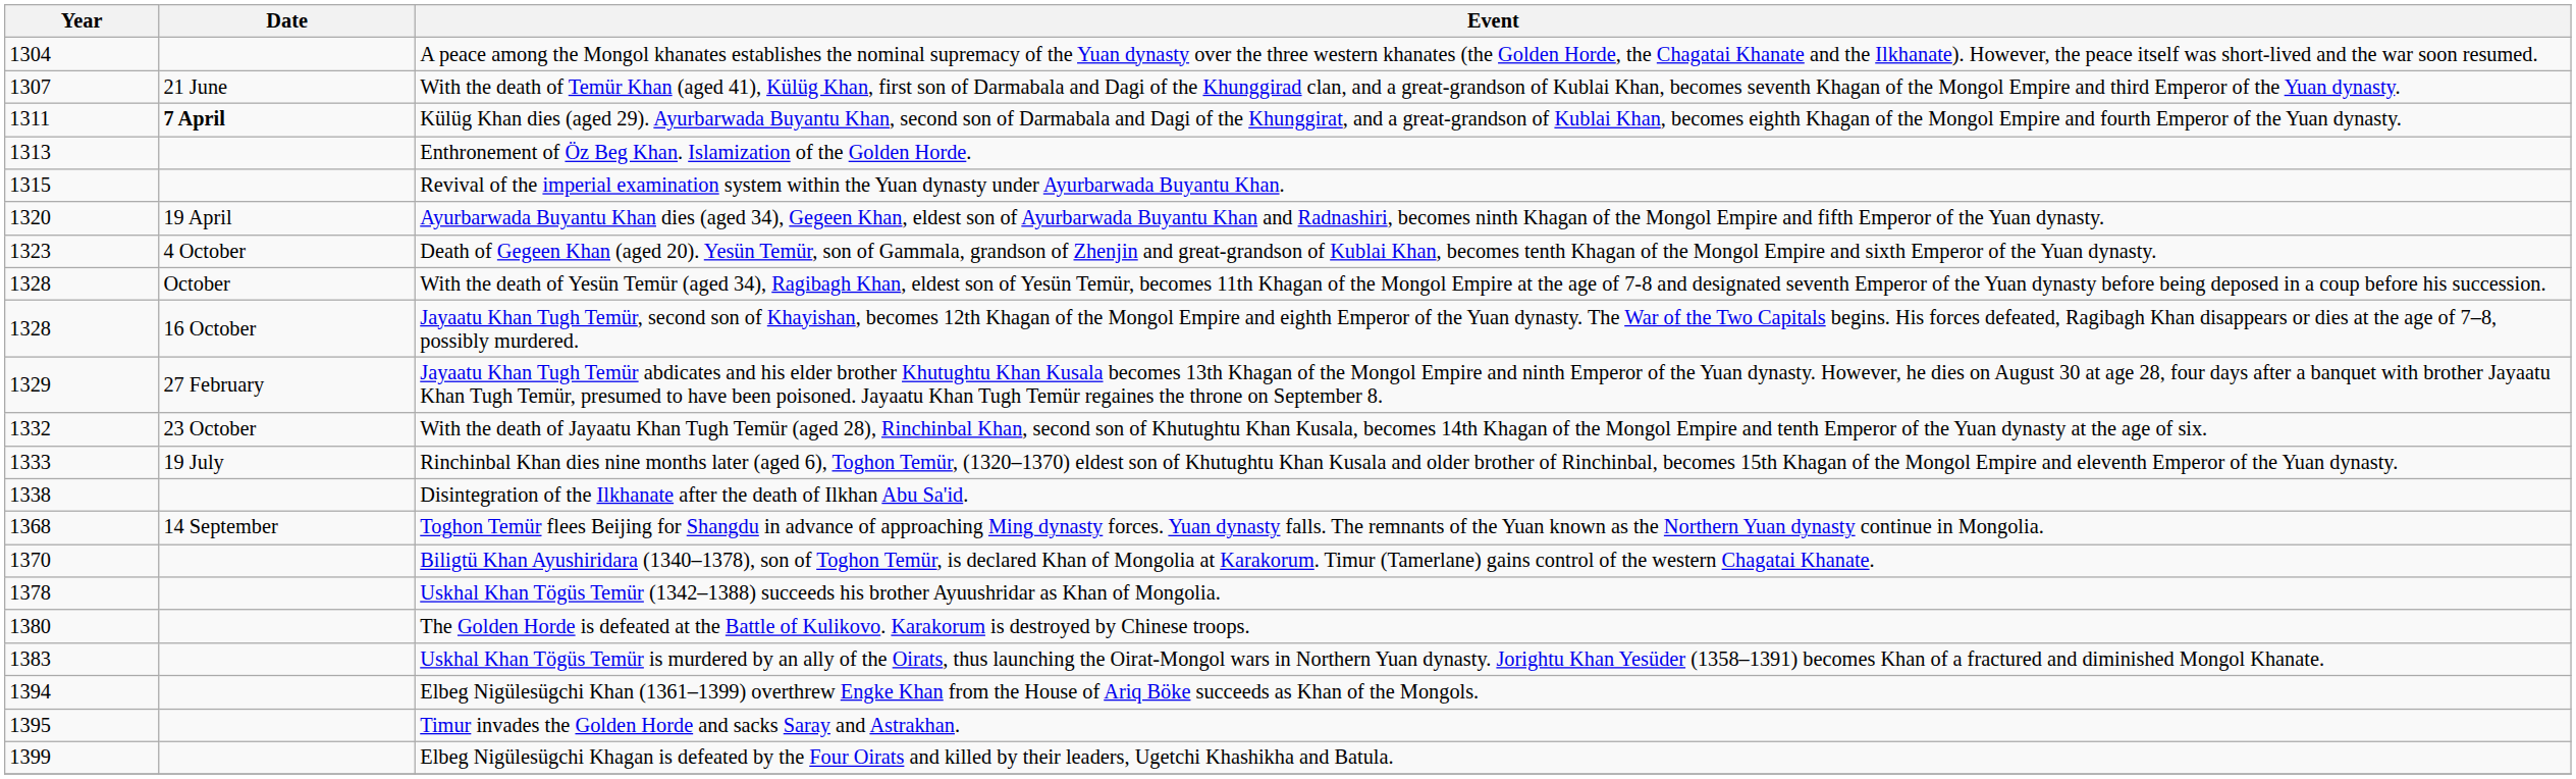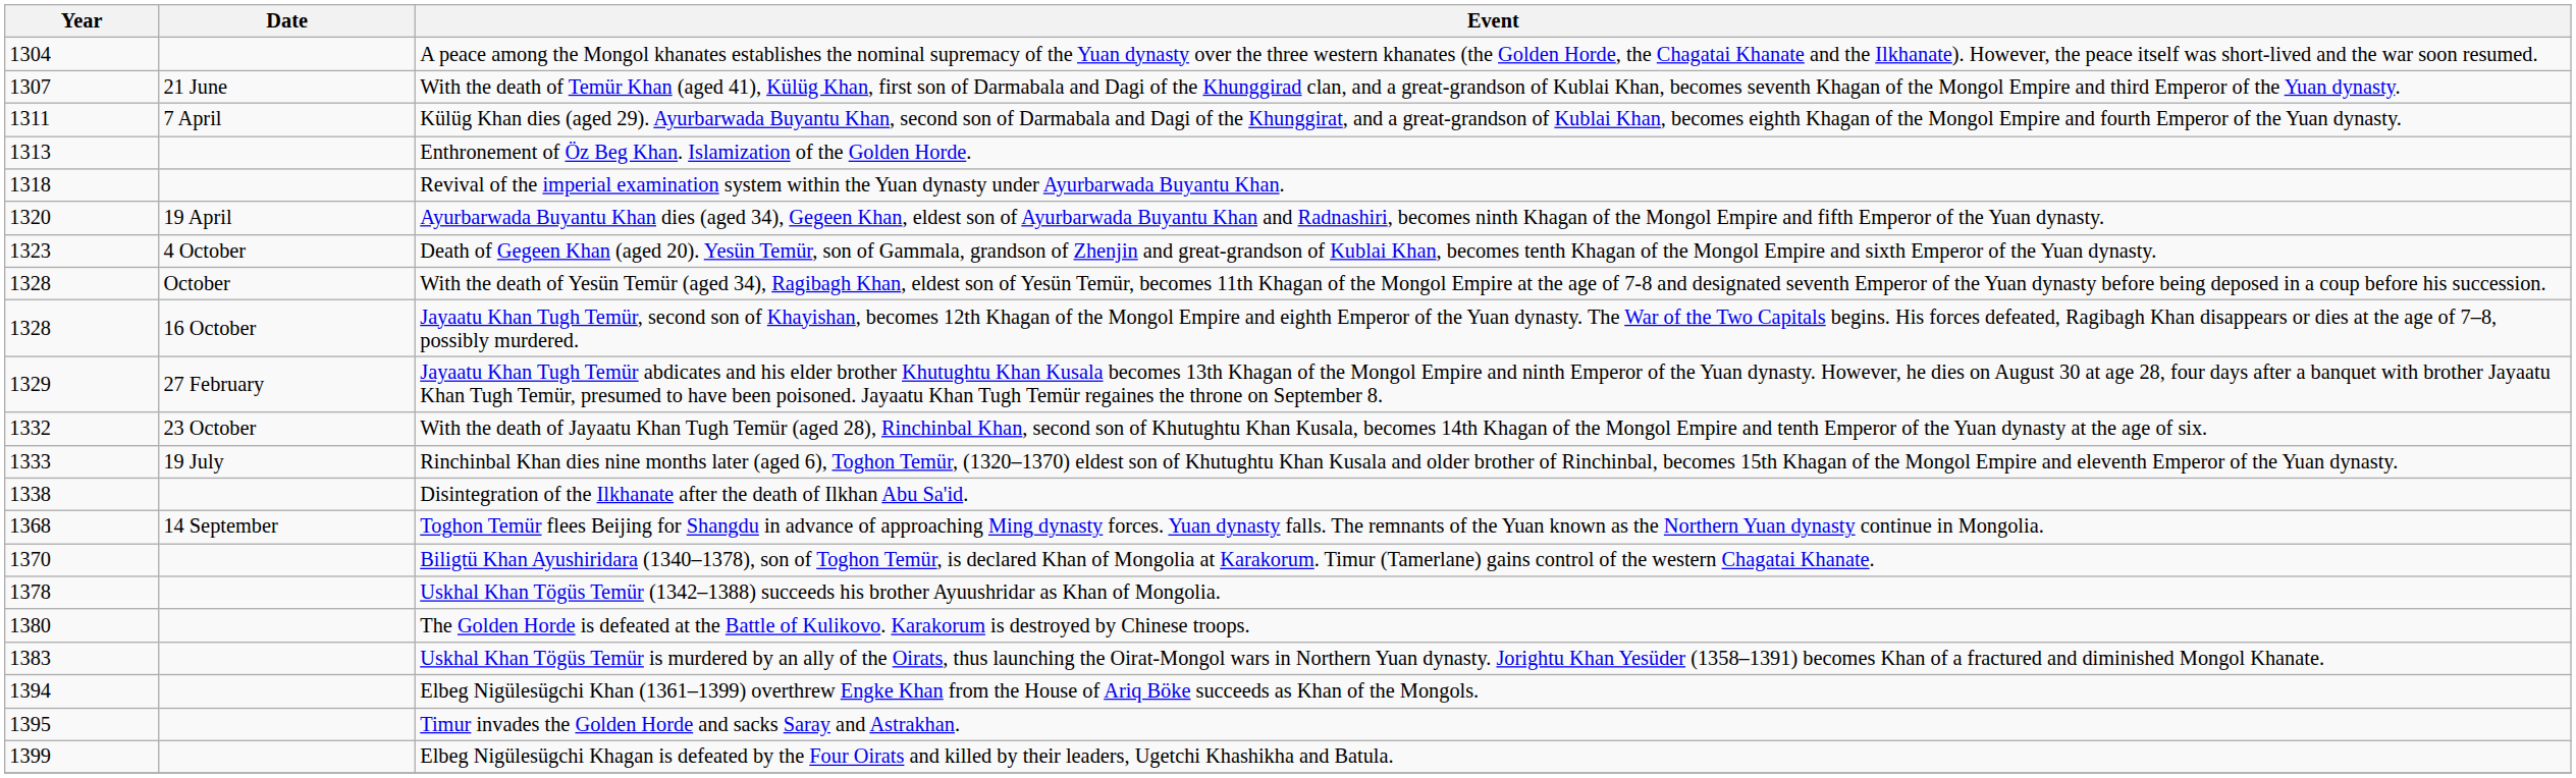 <table class="wikitable" width="100%">
 <tr>
 <th style="width:6%">Year</th>
 <th style="width:10%">Date</th>
 <th>Event</th>
 </tr>
 <tr>
 <td>1304</td>
 <td></td>
 <td>A peace among the Mongol khanates establishes the nominal supremacy of the <a href='#'>Yuan dynasty</a> over the three western khanates (the <a href='#'>Golden Horde</a>, the <a href='#'>Chagatai Khanate</a> and the <a href='#'>Ilkhanate</a>). However, the peace itself was short-lived and the war soon resumed.</td>
 </tr>
 <tr>
 <td>1307</td>
 <td>21 June</td>
 <td>With the death of <a href='#'>Temür Khan</a> (aged 41), <a href='#'>Külüg Khan</a>, first son of Darmabala and Dagi of the <a href='#'>Khunggirad</a> clan,  and a great-grandson of Kublai Khan, becomes seventh Khagan of the Mongol Empire and third Emperor of the <a href='#'>Yuan dynasty</a>.</td>
 </tr>
 <tr>
 <td>1311</td>
-<td><strong>7 April</strong></td>
+<td>7 April</td>
 <td>Külüg Khan dies (aged 29). <a href='#'>Ayurbarwada Buyantu Khan</a>, second son of Darmabala and Dagi of the <a href='#'>Khunggirat</a>, and a great-grandson of <a href='#'>Kublai Khan</a>, becomes eighth Khagan of the Mongol Empire and fourth Emperor of the Yuan dynasty.</td>
 </tr>
 <tr>
 <td>1313</td>
 <td></td>
 <td>Enthronement of <a href='#'>Öz Beg Khan</a>. <a href='#'>Islamization</a> of the <a href='#'>Golden Horde</a>.</td>
 </tr>
 <tr>
-<td>1315</td>
+<td>1318</td>
 <td></td>
 <td>Revival of the <a href='#'>imperial examination</a> system within the Yuan dynasty under <a href='#'>Ayurbarwada Buyantu Khan</a>.</td>
 </tr>
 <tr>
 <td>1320</td>
 <td>19 April</td>
 <td><a href='#'>Ayurbarwada Buyantu Khan</a> dies (aged 34), <a href='#'>Gegeen Khan</a>, eldest son of <a href='#'>Ayurbarwada Buyantu Khan</a> and <a href='#'>Radnashiri</a>, becomes ninth Khagan of the Mongol Empire and fifth Emperor of the Yuan dynasty.</td>
 </tr>
 <tr>
 <td>1323</td>
 <td>4 October</td>
 <td>Death of <a href='#'>Gegeen Khan</a> (aged 20).  <a href='#'>Yesün Temür</a>, son of Gammala, grandson of <a href='#'>Zhenjin</a> and great-grandson of <a href='#'>Kublai Khan</a>, becomes tenth Khagan of the Mongol Empire and sixth Emperor of the Yuan dynasty.</td>
 </tr>
 <tr>
 <td>1328</td>
 <td>October</td>
 <td>With the death of Yesün Temür (aged 34), <a href='#'>Ragibagh Khan</a>, eldest son of Yesün Temür, becomes 11th Khagan of the Mongol Empire at the age of 7-8 and designated seventh Emperor of the Yuan dynasty before being deposed in a coup before his succession.</td>
 </tr>
 <tr>
 <td>1328</td>
 <td>16 October</td>
 <td><a href='#'>Jayaatu Khan Tugh Temür</a>, second son of <a href='#'>Khayishan</a>, becomes 12th Khagan of the Mongol Empire and eighth Emperor of the Yuan dynasty. The <a href='#'>War of the Two Capitals</a> begins. His forces defeated, Ragibagh Khan disappears or dies at the age of 7–8, possibly murdered.</td>
 </tr>
 <tr>
 <td>1329</td>
 <td>27 February</td>
 <td><a href='#'>Jayaatu Khan Tugh Temür</a> abdicates and his elder brother <a href='#'>Khutughtu Khan Kusala</a> becomes 13th Khagan of the Mongol Empire and ninth Emperor of the Yuan dynasty. However, he dies on August 30 at age 28, four days after a banquet with brother Jayaatu Khan Tugh Temür, presumed to have been poisoned. Jayaatu Khan Tugh Temür regaines the throne on September 8.</td>
 </tr>
 <tr>
 <td>1332</td>
 <td>23 October</td>
 <td>With the death of Jayaatu Khan Tugh Temür (aged 28), <a href='#'>Rinchinbal Khan</a>, second son of Khutughtu Khan Kusala, becomes 14th Khagan of the Mongol Empire and tenth Emperor of the Yuan dynasty at the age of six.</td>
 </tr>
 <tr>
 <td>1333</td>
 <td>19 July</td>
 <td>Rinchinbal Khan dies nine months later (aged 6), <a href='#'>Toghon Temür</a>, (1320–1370) eldest son of Khutughtu Khan Kusala and older brother of Rinchinbal, becomes 15th Khagan of the Mongol Empire and eleventh Emperor of the Yuan dynasty.</td>
 </tr>
 <tr>
 <td>1338</td>
 <td></td>
 <td>Disintegration of the <a href='#'>Ilkhanate</a> after the death of Ilkhan <a href='#'>Abu Sa'id</a>.</td>
 </tr>
 <tr>
 <td>1368</td>
 <td>14 September</td>
 <td><a href='#'>Toghon Temür</a> flees Beijing for <a href='#'>Shangdu</a> in advance of approaching <a href='#'>Ming dynasty</a> forces.  <a href='#'>Yuan dynasty</a> falls. The remnants of the Yuan known as the <a href='#'>Northern Yuan dynasty</a> continue in Mongolia.</td>
 </tr>
 <tr>
 <td>1370</td>
 <td></td>
 <td><a href='#'>Biligtü Khan Ayushiridara</a> (1340–1378), son of <a href='#'>Toghon Temür</a>, is declared Khan of Mongolia at <a href='#'>Karakorum</a>. Timur (Tamerlane) gains control of the western <a href='#'>Chagatai Khanate</a>.</td>
 </tr>
 <tr>
 <td>1378</td>
 <td></td>
 <td><a href='#'>Uskhal Khan Tögüs Temür</a> (1342–1388) succeeds his brother Ayuushridar as Khan of Mongolia.</td>
 </tr>
 <tr>
 <td>1380</td>
 <td></td>
 <td>The <a href='#'>Golden Horde</a> is defeated at the <a href='#'>Battle of Kulikovo</a>.  <a href='#'>Karakorum</a> is destroyed by Chinese troops.</td>
 </tr>
 <tr>
 <td>1383</td>
 <td></td>
 <td><a href='#'>Uskhal Khan Tögüs Temür</a> is murdered by an ally of the <a href='#'>Oirats</a>, thus launching the Oirat-Mongol wars in Northern Yuan dynasty. <a href='#'>Jorightu Khan Yesüder</a> (1358–1391) becomes Khan of a fractured and diminished Mongol Khanate.</td>
 </tr>
 <tr>
 <td>1394</td>
 <td></td>
 <td>Elbeg Nigülesügchi Khan (1361–1399) overthrew <a href='#'>Engke Khan</a> from the House of <a href='#'>Ariq Böke</a> succeeds as Khan of the Mongols.</td>
 </tr>
 <tr>
 <td>1395</td>
 <td></td>
 <td><a href='#'>Timur</a> invades the <a href='#'>Golden Horde</a> and sacks <a href='#'>Saray</a> and <a href='#'>Astrakhan</a>.</td>
 </tr>
 <tr>
 <td>1399</td>
 <td></td>
 <td>Elbeg Nigülesügchi Khagan is defeated by the <a href='#'>Four Oirats</a> and killed by their leaders, Ugetchi Khashikha and Batula.</td>
 </tr>
 <tr>
 </tr>
 </table>
